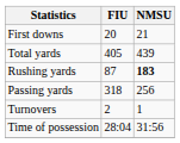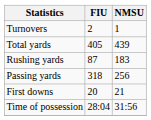 <table class="wikitable" style="float: left;">
 <tr>
 <th>Statistics</th>
 <th>FIU</th>
 <th>NMSU</th>
 </tr>
 <tr>
-<td>First downs</td>
-<td>20</td>
-<td>21</td>
+<td>Turnovers</td>
+<td>2</td>
+<td>1</td>
 </tr>
 <tr>
 <td>Total yards</td>
 <td>405</td>
 <td>439</td>
 </tr>
 <tr>
 <td>Rushing yards</td>
 <td>87</td>
-<td><strong>183</strong></td>
+<td>183</td>
 </tr>
 <tr>
 <td>Passing yards</td>
 <td>318</td>
 <td>256</td>
 </tr>
 <tr>
-<td>Turnovers</td>
-<td>2</td>
-<td>1</td>
+<td>First downs</td>
+<td>20</td>
+<td>21</td>
 </tr>
 <tr>
 <td>Time of possession</td>
 <td>28:04</td>
 <td>31:56</td>
 </tr>
 <tr>
 </tr>
 </table>
